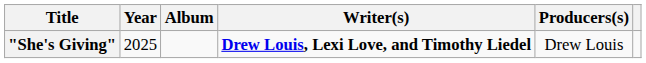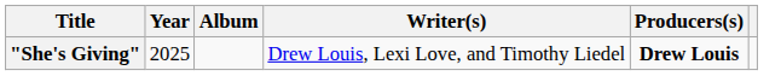 <table class="wikitable plainrowheaders" style=text-align:center;>
 <tr>
 <th scope="col">Title</th>
 <th scope="col">Year</th>
 <th scope="col">Album</th>
 <th scope="col">Writer(s)</th>
 <th scope="col">Producers(s)</th>
 <th scope="col"></th>
 </tr>
 <tr>
 <th scope="row">"She's Giving"<br></th>
 <td rowspan="2">2025</td>
 <td></td>
-<td><strong><a href='#'>Drew Louis</a>, Lexi Love, and Timothy Liedel</strong></td>
-<td>Drew Louis</td>
+<td><a href='#'>Drew Louis</a>, Lexi Love, and Timothy Liedel</td>
+<td><strong>Drew Louis</strong></td>
 <td style="text-align:center"></td>
 </tr>
 </table>
